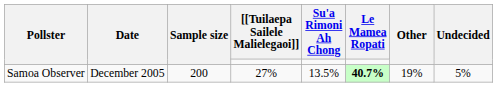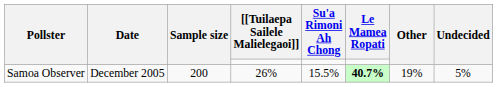 <table class="wikitable" style="text-align:center; font-size:95%; line-height:16px;">
 <tr>
 <th rowspan=2>Pollster</th>
 <th rowspan=2>Date</th>
 <th rowspan=2>Sample size</th>
 <th style="width:50px;">[[Tuilaepa Sailele Malielegaoi]]</th>
 <th style="width:50px;"><a href='#'>Su'a Rimoni Ah Chong</a></th>
 <th style="width:50px;"><a href='#'>Le Mamea Ropati</a></th>
 <th rowspan=2 style="width:50px;">Other</th>
 <th rowspan=2 style="width:50px;">Undecided</th>
 </tr>
 <tr>
 <td style="background:"></td>
 <td style="background:"></td>
 <td style="background:"></td>
 </tr>
 <tr>
 <td>Samoa Observer</td>
 <td>December 2005</td>
 <td>200</td>
-<td>27%</td>
-<td>13.5%</td>
+<td>26%</td>
+<td>15.5%</td>
 <td style="background:#C8FFC8;"><strong>40.7%</strong></td>
 <td>19%</td>
 <td>5%</td>
 </tr>
 </table>
